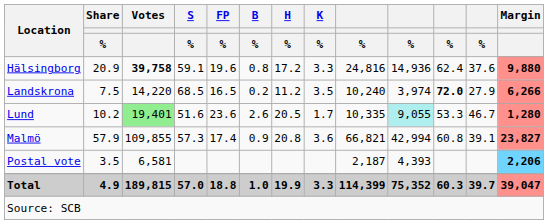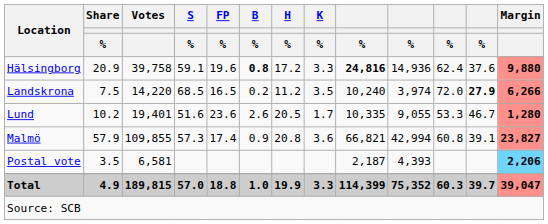 <table class="wikitable sortable" style="text-align:right; font-size:95%; line-height:20px;">
 <tr>
 <th rowspan="3">Location</th>
 <th>Share</th>
 <th>Votes</th>
 <th width="30px" class="unsortable"><a href='#'>S</a></th>
 <th width="30px" class="unsortable"><a href='#'>FP</a></th>
 <th width="30px" class="unsortable"><a href='#'>B</a></th>
 <th width="30px" class="unsortable"><a href='#'>H</a></th>
 <th width="30px" class="unsortable"><a href='#'>K</a></th>
 <th></th>
 <th></th>
 <th></th>
 <th></th>
 <th>Margin</th>
 </tr>
 <tr>
 <th></th>
 <th></th>
 <th style="background:"></th>
 <th style="background:"></th>
 <th style="background:"></th>
 <th style="background:"></th>
 <th style="background:"></th>
 <th style="background:"></th>
 <th style="background:"></th>
 <th style="background:"></th>
 <th style="background:"></th>
 <th></th>
 </tr>
 <tr>
 <th data-sort-type="number">%</th>
 <th></th>
 <th data-sort-type="number">%</th>
 <th data-sort-type="number">%</th>
 <th data-sort-type="number">%</th>
 <th data-sort-type="number">%</th>
 <th data-sort-type="number">%</th>
 <th data-sort-type="number">%</th>
 <th data-sort-type="number">%</th>
 <th data-sort-type="number">%</th>
 <th data-sort-type="number">%</th>
 <th data-sort-type="number"></th>
 </tr>
 <tr>
 <td align=left><a href='#'>Hälsingborg</a></td>
 <td>20.9</td>
-<td><strong>39,758</strong></td>
+<td>39,758</td>
 <td>59.1</td>
 <td>19.6</td>
-<td>0.8</td>
+<td><strong>0.8</strong></td>
 <td>17.2</td>
 <td>3.3</td>
-<td>24,816</td>
+<td><strong>24,816</strong></td>
 <td>14,936</td>
 <td>62.4</td>
 <td>37.6</td>
 <td bgcolor=#ff908c><strong>9,880</strong></td>
 </tr>
 <tr>
 <td align=left><a href='#'>Landskrona</a></td>
 <td>7.5</td>
 <td>14,220</td>
 <td>68.5</td>
 <td>16.5</td>
 <td>0.2</td>
 <td>11.2</td>
 <td>3.5</td>
 <td>10,240</td>
 <td>3,974</td>
-<td><strong>72.0</strong></td>
-<td>27.9</td>
+<td>72.0</td>
+<td><strong>27.9</strong></td>
 <td bgcolor=#ff908c><strong>6,266</strong></td>
 </tr>
 <tr>
 <td align=left><a href='#'>Lund</a></td>
 <td>10.2</td>
-<td style="background: lightgreen;">19,401</td>
+<td>19,401</td>
 <td>51.6</td>
 <td>23.6</td>
 <td>2.6</td>
 <td>20.5</td>
 <td>1.7</td>
 <td>10,335</td>
-<td style="background: paleturquoise;">9,055</td>
+<td>9,055</td>
 <td>53.3</td>
 <td>46.7</td>
 <td bgcolor=#ff908c><strong>1,280</strong></td>
 </tr>
 <tr>
 <td align=left><a href='#'>Malmö</a></td>
 <td>57.9</td>
 <td>109,855</td>
 <td>57.3</td>
 <td>17.4</td>
 <td>0.9</td>
 <td>20.8</td>
 <td>3.6</td>
 <td>66,821</td>
 <td>42,994</td>
 <td>60.8</td>
 <td>39.1</td>
 <td bgcolor=#ff908c><strong>23,827</strong></td>
 </tr>
 <tr>
 <td align=left><a href='#'>Postal vote</a></td>
 <td>3.5</td>
 <td>6,581</td>
 <td></td>
 <td></td>
 <td></td>
 <td></td>
 <td></td>
 <td>2,187</td>
 <td>4,393</td>
 <td></td>
 <td></td>
 <td bgcolor=#6fd5fe><strong>2,206</strong></td>
 </tr>
 <tr>
 </tr>
 <tr style="background:#CDCDCD;">
 <td align=left><strong>Total</strong></td>
 <td><strong>4.9</strong></td>
 <td><strong>189,815</strong></td>
 <td><strong>57.0</strong></td>
 <td><strong>18.8</strong></td>
 <td><strong>1.0</strong></td>
 <td><strong>19.9</strong></td>
 <td><strong>3.3</strong></td>
 <td><strong>114,399</strong></td>
 <td><strong>75,352</strong></td>
 <td><strong>60.3</strong></td>
 <td><strong>39.7</strong></td>
 <td bgcolor=#ff908c><strong>39,047</strong></td>
 </tr>
 <tr>
 <td align=left colspan=13>Source: SCB </td>
 </tr>
 </table>
